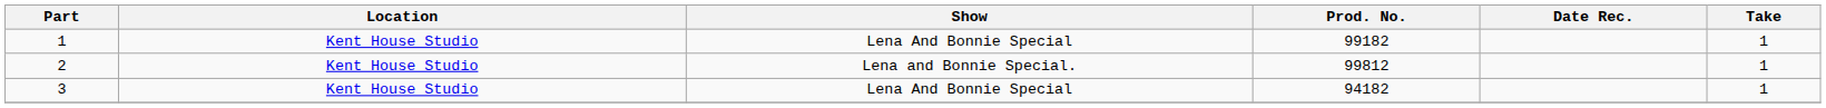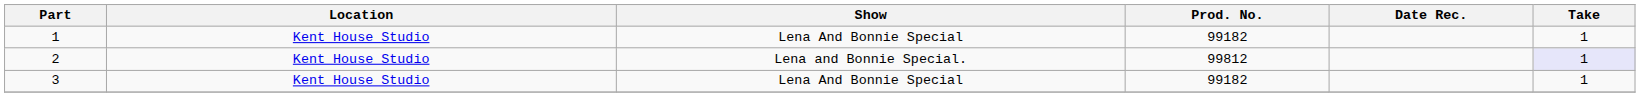 <table class="wikitable" style="width:100%; margin:auto;">
 <tr>
 <th style="width:5%;"><strong>Part</strong></th>
 <th style="width:25%;"><strong>Location</strong></th>
 <th style="width:25%;"><strong>Show</strong></th>
 <th style="width:10%;"><strong>Prod. No.</strong></th>
 <th style="width:10%;"><strong>Date Rec.</strong></th>
 <th style="width:5%;"><strong>Take</strong></th>
 </tr>
 <tr>
 <td style="text-align:center;">1</td>
 <td style="text-align:center;"><a href='#'>Kent House Studio</a></td>
 <td style="text-align:center;">Lena And Bonnie Special</td>
 <td style="text-align:center;">99182</td>
 <td style="text-align:center;"></td>
 <td style="text-align:center;">1</td>
 </tr>
 <tr>
 <td style="text-align:center;">2</td>
 <td style="text-align:center;"><a href='#'>Kent House Studio</a></td>
 <td style="text-align:center;">Lena and Bonnie Special.</td>
 <td style="text-align:center;">99812</td>
 <td style="text-align:center;"></td>
-<td style="text-align:center;">1</td>
+<td style="background: lavender; text-align:center;">1</td>
 </tr>
 <tr>
 <td style="text-align:center;">3</td>
 <td style="text-align:center;"><a href='#'>Kent House Studio</a></td>
 <td style="text-align:center;">Lena And Bonnie Special</td>
-<td style="text-align:center;">94182</td>
+<td style="text-align:center;">99182</td>
 <td style="text-align:center;"></td>
 <td style="text-align:center;">1</td>
 </tr>
 <tr>
 </tr>
 </table>
